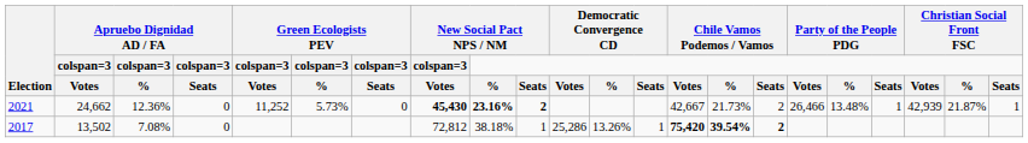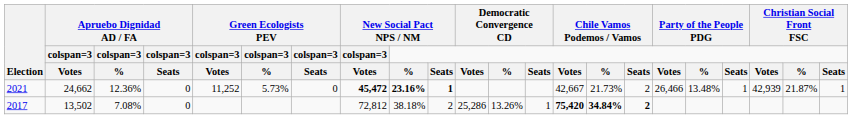 <table class="wikitable" border="1" style="font-size:95%; text-align:right;">
 <tr>
 <th style="text-align:left;" valign=bottom rowspan=3>Election</th>
 <th valign=bottom colspan=3><a href='#'>Apruebo Dignidad</a><br>AD / FA</th>
 <th valign=bottom colspan=3><a href='#'>Green Ecologists</a><br>PEV</th>
 <th valign=bottom colspan=3><a href='#'>New Social Pact</a><br>NPS / NM</th>
 <th valign=bottom colspan=3>Democratic<br>Convergence<br>CD</th>
 <th valign=bottom colspan=3><a href='#'>Chile Vamos</a><br>Podemos / Vamos</th>
 <th valign=bottom colspan=3><a href='#'>Party of the People</a><br>PDG</th>
 <th valign=bottom colspan=3><a href='#'>Christian Social Front</a><br>FSC</th>
 </tr>
 <tr>
 <th>colspan=3 </th>
 <th>colspan=3 </th>
 <th>colspan=3 </th>
 <th>colspan=3 </th>
 <th>colspan=3 </th>
 <th>colspan=3 </th>
 <th>colspan=3 </th>
 </tr>
 <tr>
 <th>Votes</th>
 <th>%</th>
 <th>Seats</th>
 <th>Votes</th>
 <th>%</th>
 <th>Seats</th>
 <th>Votes</th>
 <th>%</th>
 <th>Seats</th>
 <th>Votes</th>
 <th>%</th>
 <th>Seats</th>
 <th>Votes</th>
 <th>%</th>
 <th>Seats</th>
 <th>Votes</th>
 <th>%</th>
 <th>Seats</th>
 <th>Votes</th>
 <th>%</th>
 <th>Seats</th>
 </tr>
 <tr>
 <td align=left><a href='#'>2021</a></td>
 <td>24,662</td>
 <td>12.36%</td>
 <td>0</td>
 <td>11,252</td>
 <td>5.73%</td>
 <td>0</td>
-<td><strong>45,430</strong></td>
+<td><strong>45,472</strong></td>
 <td><strong>23.16%</strong></td>
-<td><strong>2</strong></td>
+<td><strong>1</strong></td>
 <td></td>
 <td></td>
 <td></td>
 <td>42,667</td>
 <td>21.73%</td>
 <td>2</td>
 <td>26,466</td>
 <td>13.48%</td>
 <td>1</td>
 <td>42,939</td>
 <td>21.87%</td>
 <td>1</td>
 </tr>
 <tr>
 <td align=left><a href='#'>2017</a></td>
 <td>13,502</td>
 <td>7.08%</td>
 <td>0</td>
 <td></td>
 <td></td>
 <td></td>
 <td>72,812</td>
 <td>38.18%</td>
-<td>1</td>
+<td>2</td>
 <td>25,286</td>
 <td>13.26%</td>
 <td>1</td>
 <td><strong>75,420</strong></td>
-<td><strong>39.54%</strong></td>
+<td><strong>34.84%</strong></td>
 <td><strong>2</strong></td>
 <td></td>
 <td></td>
 <td></td>
 <td></td>
 <td></td>
 <td></td>
 </tr>
 </table>
